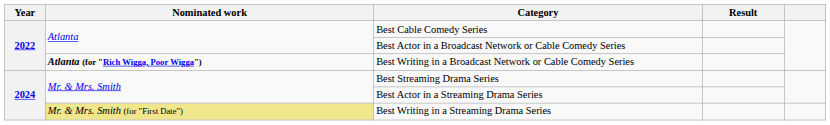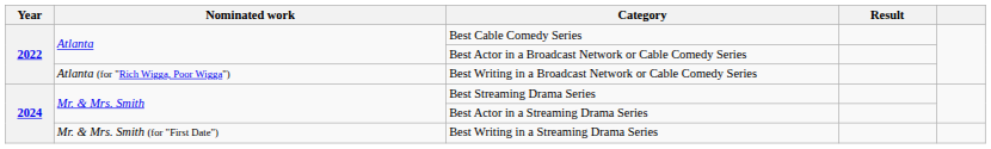 <table class="wikitable plainrowheaders" style="width:100%;">
 <tr>
 <th scope="col" style="width:5%;">Year</th>
 <th scope="col" style="width:40%;">Nominated work</th>
 <th scope="col" style="width:40%;">Category</th>
 <th scope="col" style="width:10%;">Result</th>
 <th scope="col" style="width:5%;"></th>
 </tr>
 <tr>
 <th scope="row" style="text-align:center;" rowspan="3"><a href='#'>2022</a></th>
 <td rowspan="2"><em><a href='#'>Atlanta</a></em></td>
 <td>Best Cable Comedy Series</td>
 <td></td>
 <td style="text-align:center;" rowspan="3"></td>
 </tr>
 <tr>
 <td>Best Actor in a Broadcast Network or Cable Comedy Series</td>
 <td></td>
 </tr>
 <tr>
-<td><strong><em>Atlanta</em> <small>(for "<a href='#'>Rich Wigga, Poor Wigga</a>")</small></strong></td>
+<td><em>Atlanta</em> <small>(for "<a href='#'>Rich Wigga, Poor Wigga</a>")</small></td>
 <td>Best Writing in a Broadcast Network or Cable Comedy Series</td>
 <td></td>
 </tr>
 <tr>
 <th scope="row" style="text-align:center;" rowspan="3"><a href='#'>2024</a></th>
 <td rowspan="2"><em><a href='#'>Mr. & Mrs. Smith</a></em></td>
 <td>Best Streaming Drama Series</td>
 <td></td>
 <td style="text-align:center;" rowspan="2"></td>
 </tr>
 <tr>
 <td>Best Actor in a Streaming Drama Series</td>
 <td></td>
 </tr>
 <tr>
-<td style="background: khaki;"><em>Mr. & Mrs. Smith</em> <small>(for "First Date")</small></td>
+<td><em>Mr. & Mrs. Smith</em> <small>(for "First Date")</small></td>
 <td>Best Writing in a Streaming Drama Series</td>
 <td></td>
 <td style="text-align:center;"></td>
 </tr>
 </table>
